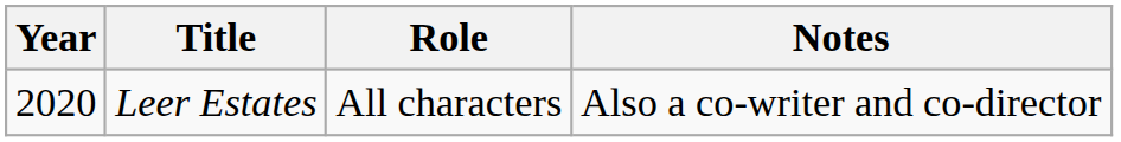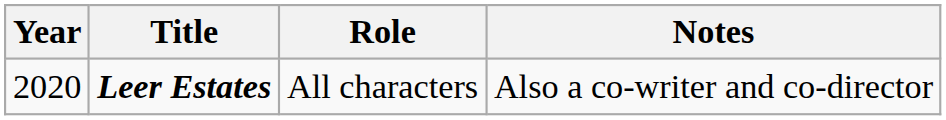 <table class="wikitable sortable">
 <tr>
 <th>Year</th>
 <th>Title</th>
 <th>Role</th>
 <th>Notes</th>
 </tr>
 <tr>
 <td>2020</td>
-<td><em>Leer Estates</em></td>
+<td><strong><em>Leer Estates</em></strong></td>
 <td>All characters</td>
 <td>Also a co-writer and co-director</td>
 </tr>
 </table>
